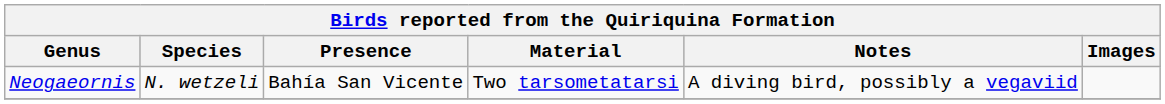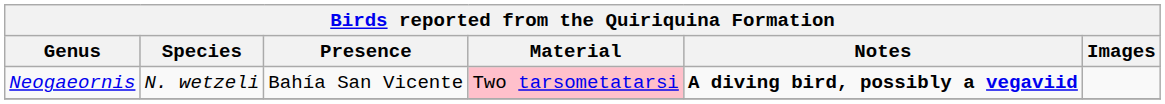 <table class="wikitable" align="center">
 <tr>
 <th colspan="6" align="center"><strong><a href='#'>Birds</a> reported from the Quiriquina Formation</strong></th>
 </tr>
 <tr>
 <th>Genus</th>
 <th>Species</th>
 <th>Presence</th>
 <th><strong>Material</strong></th>
 <th>Notes</th>
 <th>Images</th>
 </tr>
 <tr>
 <td><em><a href='#'>Neogaeornis</a></em></td>
 <td><em>N. wetzeli</em></td>
 <td>Bahía San Vicente</td>
-<td>Two <a href='#'>tarsometatarsi</a></td>
-<td>A diving bird, possibly a <a href='#'>vegaviid</a></td>
+<td style="background: pink;">Two <a href='#'>tarsometatarsi</a></td>
+<td><strong>A diving bird, possibly a <a href='#'>vegaviid</a></strong></td>
 <td></td>
 </tr>
 <tr>
 </tr>
 </table>
